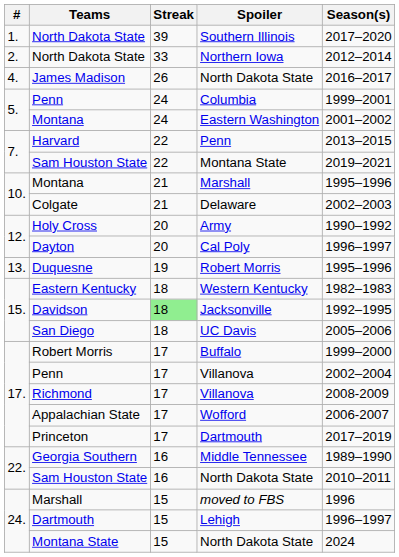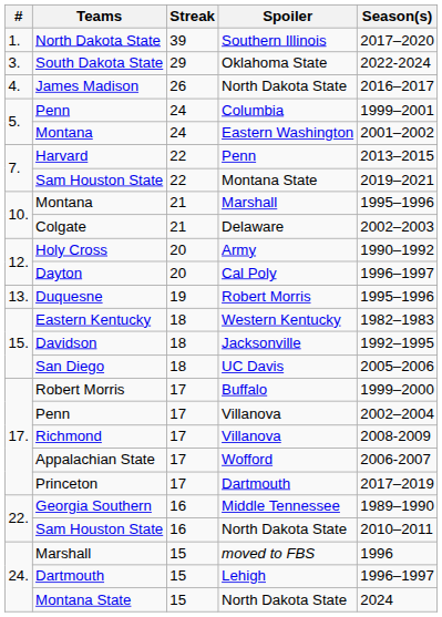 <table class="wikitable sortable">
 <tr>
 <th>#</th>
 <th>Teams</th>
 <th>Streak</th>
 <th>Spoiler</th>
 <th>Season(s)</th>
 </tr>
 <tr>
 <td>1.</td>
 <td><a href='#'>North Dakota State</a></td>
 <td>39</td>
 <td><a href='#'>Southern Illinois</a></td>
 <td>2017–2020</td>
 </tr>
 <tr>
-<td>2.</td>
-<td>North Dakota State</td>
-<td>33</td>
-<td><a href='#'>Northern Iowa</a></td>
-<td>2012–2014</td>
+<td>3.</td>
+<td><a href='#'>South Dakota State</a></td>
+<td>29</td>
+<td>Oklahoma State</td>
+<td>2022-2024</td>
 </tr>
 <tr>
 <td>4.</td>
 <td><a href='#'>James Madison</a></td>
 <td>26</td>
 <td>North Dakota State</td>
 <td>2016–2017</td>
 </tr>
 <tr>
 <td rowspan="2">5.</td>
 <td><a href='#'>Penn</a></td>
 <td>24</td>
 <td><a href='#'>Columbia</a></td>
 <td>1999–2001</td>
 </tr>
 <tr>
 <td><a href='#'>Montana</a></td>
 <td>24</td>
 <td><a href='#'>Eastern Washington</a></td>
 <td>2001–2002</td>
 </tr>
 <tr>
 <td rowspan="2">7.</td>
 <td><a href='#'>Harvard</a></td>
 <td>22</td>
 <td><a href='#'>Penn</a></td>
 <td>2013–2015</td>
 </tr>
 <tr>
 <td><a href='#'>Sam Houston State</a></td>
 <td>22</td>
 <td>Montana State</td>
 <td>2019–2021</td>
 </tr>
 <tr>
 <td rowspan="2">10.</td>
 <td>Montana</td>
 <td>21</td>
 <td><a href='#'>Marshall</a></td>
 <td>1995–1996</td>
 </tr>
 <tr>
 <td>Colgate</td>
 <td>21</td>
 <td>Delaware</td>
 <td>2002–2003</td>
 </tr>
 <tr>
 <td rowspan="2">12.</td>
 <td><a href='#'>Holy Cross</a></td>
 <td>20</td>
 <td><a href='#'>Army</a></td>
 <td>1990–1992</td>
 </tr>
 <tr>
 <td><a href='#'>Dayton</a></td>
 <td>20</td>
 <td><a href='#'>Cal Poly</a></td>
 <td>1996–1997</td>
 </tr>
 <tr>
 <td>13.</td>
 <td><a href='#'>Duquesne</a></td>
 <td>19</td>
 <td><a href='#'>Robert Morris</a></td>
 <td>1995–1996</td>
 </tr>
 <tr>
 <td rowspan="3">15.</td>
 <td><a href='#'>Eastern Kentucky</a></td>
 <td>18</td>
 <td><a href='#'>Western Kentucky</a></td>
 <td>1982–1983</td>
 </tr>
 <tr>
 <td><a href='#'>Davidson</a></td>
-<td style="background: lightgreen;">18</td>
+<td>18</td>
 <td><a href='#'>Jacksonville</a></td>
 <td>1992–1995</td>
 </tr>
 <tr>
 <td><a href='#'>San Diego</a></td>
 <td>18</td>
 <td><a href='#'>UC Davis</a></td>
 <td>2005–2006</td>
 </tr>
 <tr>
 <td rowspan="5”">17.</td>
 <td>Robert Morris</td>
 <td>17</td>
 <td><a href='#'>Buffalo</a></td>
 <td>1999–2000</td>
 </tr>
 <tr>
 <td>Penn</td>
 <td>17</td>
 <td>Villanova</td>
 <td>2002–2004</td>
 </tr>
 <tr>
 <td><a href='#'>Richmond</a></td>
 <td>17</td>
 <td><a href='#'>Villanova</a></td>
 <td>2008-2009</td>
 </tr>
 <tr>
 <td>Appalachian State</td>
 <td>17</td>
 <td><a href='#'>Wofford</a></td>
 <td>2006-2007</td>
 </tr>
 <tr>
 <td>Princeton</td>
 <td>17</td>
 <td><a href='#'>Dartmouth</a></td>
 <td>2017–2019</td>
 </tr>
 <tr>
 <td rowspan="2">22.</td>
 <td><a href='#'>Georgia Southern</a></td>
 <td>16</td>
 <td><a href='#'>Middle Tennessee</a></td>
 <td>1989–1990</td>
 </tr>
 <tr>
 <td><a href='#'>Sam Houston State</a></td>
 <td>16</td>
 <td>North Dakota State</td>
 <td>2010–2011</td>
 </tr>
 <tr>
 <td rowspan="3">24.</td>
 <td>Marshall</td>
 <td>15</td>
 <td><em>moved to FBS</em></td>
 <td>1996</td>
 </tr>
 <tr>
 <td><a href='#'>Dartmouth</a></td>
 <td>15</td>
 <td><a href='#'>Lehigh</a></td>
 <td>1996–1997</td>
 </tr>
 <tr>
 <td><a href='#'>Montana State</a></td>
 <td>15</td>
 <td>North Dakota State</td>
 <td>2024</td>
 </tr>
 </table>
